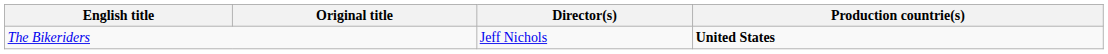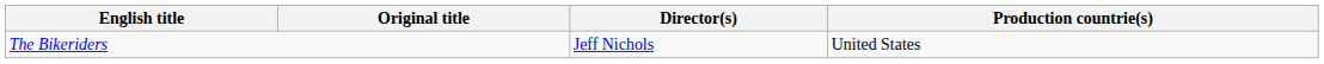 <table class="sortable wikitable" style="width:100%; margin-bottom:4px" cellpadding="5">
 <tr>
 <th scope="col">English title</th>
 <th scope="col">Original title</th>
 <th scope="col">Director(s)</th>
 <th scope="col">Production countrie(s)</th>
 </tr>
 <tr>
 <td colspan=2><em><a href='#'>The Bikeriders</a></em></td>
 <td><a href='#'>Jeff Nichols</a></td>
-<td><strong>United States</strong></td>
+<td>United States</td>
 </tr>
 </table>
